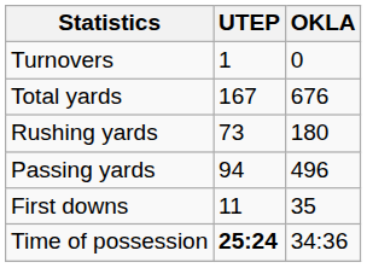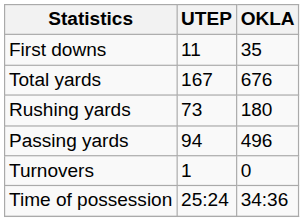 <table class="wikitable">
 <tr>
 <th>Statistics</th>
 <th>UTEP</th>
 <th>OKLA</th>
 </tr>
 <tr>
-<td>Turnovers</td>
-<td>1</td>
-<td>0</td>
+<td>First downs</td>
+<td>11</td>
+<td>35</td>
 </tr>
 <tr>
 <td>Total yards</td>
 <td>167</td>
 <td>676</td>
 </tr>
 <tr>
 <td>Rushing yards</td>
 <td>73</td>
 <td>180</td>
 </tr>
 <tr>
 <td>Passing yards</td>
 <td>94</td>
 <td>496</td>
 </tr>
 <tr>
-<td>First downs</td>
-<td>11</td>
-<td>35</td>
+<td>Turnovers</td>
+<td>1</td>
+<td>0</td>
 </tr>
 <tr>
 <td>Time of possession</td>
-<td><strong>25:24</strong></td>
+<td>25:24</td>
 <td>34:36</td>
 </tr>
 <tr>
 </tr>
 </table>
